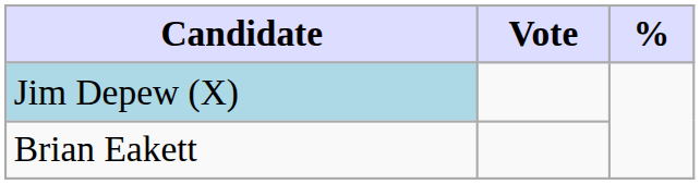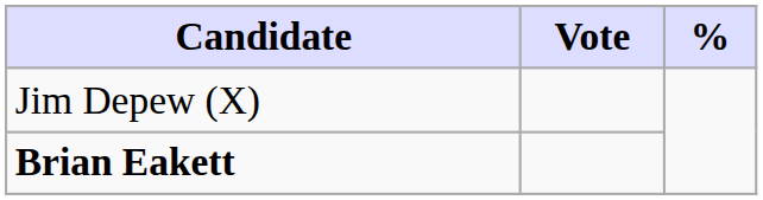 <table class="wikitable">
 <tr>
 <th style="background:#ddf; width:200px;">Candidate</th>
 <th style="background:#ddf; width:50px;">Vote</th>
 <th style="background:#ddf; width:30px;">%</th>
 </tr>
 <tr>
-<td style="background: lightblue;">Jim Depew (X)</td>
+<td>Jim Depew (X)</td>
 <td></td>
 </tr>
 <tr>
-<td>Brian Eakett</td>
+<td><strong>Brian Eakett</strong></td>
 <td></td>
 </tr>
 </table>
